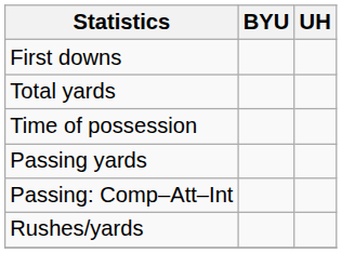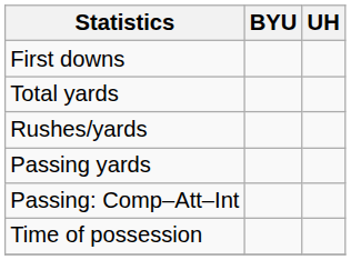 <table class="wikitable" style="float: left;">
 <tr>
 <th>Statistics</th>
 <th>BYU</th>
 <th>UH</th>
 </tr>
 <tr>
 <td>First downs</td>
 <td></td>
 <td></td>
 </tr>
 <tr>
 <td>Total yards</td>
 <td></td>
 <td></td>
 </tr>
 <tr>
-<td>Time of possession</td>
+<td>Rushes/yards</td>
 <td></td>
 <td></td>
 </tr>
 <tr>
 <td>Passing yards</td>
 <td></td>
 <td></td>
 </tr>
 <tr>
 <td>Passing: Comp–Att–Int</td>
 <td></td>
 <td></td>
 </tr>
 <tr>
-<td>Rushes/yards</td>
+<td>Time of possession</td>
 <td></td>
 <td></td>
 </tr>
 <tr>
 </tr>
 </table>
